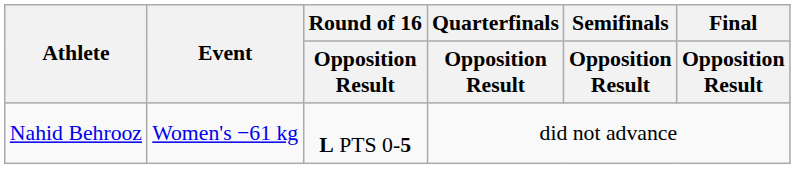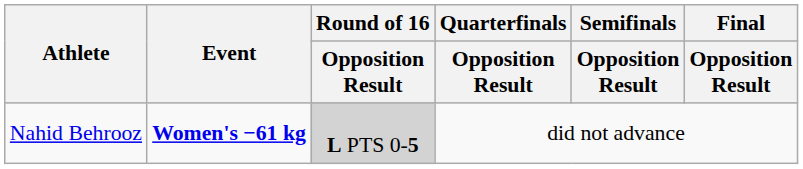 <table class="wikitable" style="font-size:90%">
 <tr>
 <th rowspan="2">Athlete</th>
 <th rowspan="2">Event</th>
 <th>Round of 16</th>
 <th>Quarterfinals</th>
 <th>Semifinals</th>
 <th>Final</th>
 </tr>
 <tr>
 <th>Opposition<br>Result</th>
 <th>Opposition<br>Result</th>
 <th>Opposition<br>Result</th>
 <th>Opposition<br>Result</th>
 </tr>
 <tr>
 <td><a href='#'>Nahid Behrooz</a></td>
-<td><a href='#'>Women's −61 kg</a></td>
-<td align=center><br><strong>L</strong> PTS 0-<strong>5</strong></td>
+<td><strong><a href='#'>Women's −61 kg</a></strong></td>
+<td align=center style="background: lightgrey;"><br><strong>L</strong> PTS 0-<strong>5</strong></td>
 <td align=center colspan="7">did not advance</td>
 </tr>
 </table>
